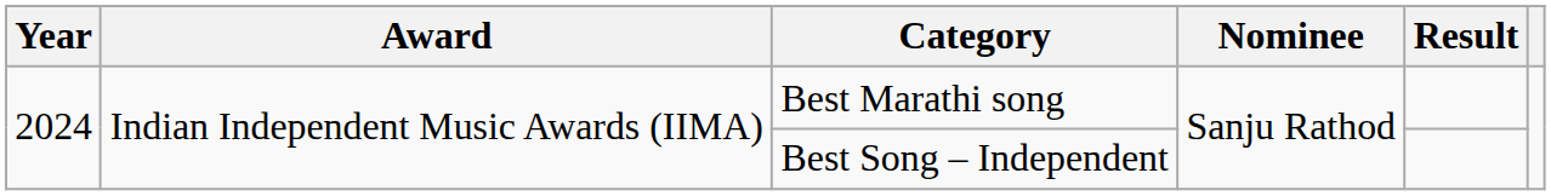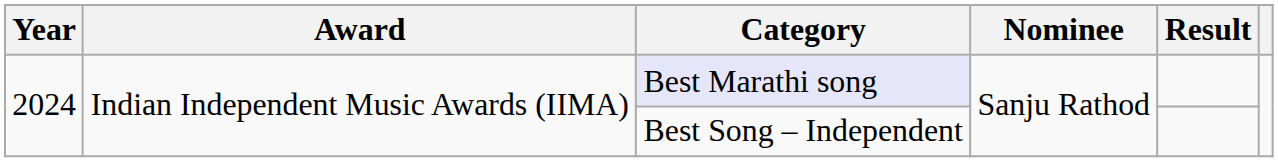 <table class="wikitable">
 <tr>
 <th>Year</th>
 <th>Award</th>
 <th>Category</th>
 <th>Nominee</th>
 <th>Result</th>
 <th></th>
 </tr>
 <tr>
 <td rowspan="2">2024</td>
 <td rowspan="2">Indian Independent Music Awards (IIMA)</td>
-<td>Best Marathi song</td>
+<td style="background: lavender;">Best Marathi song</td>
 <td rowspan="2">Sanju Rathod</td>
 <td></td>
 <td rowspan="2"></td>
 </tr>
 <tr>
 <td>Best Song – Independent</td>
 <td></td>
 </tr>
 </table>
